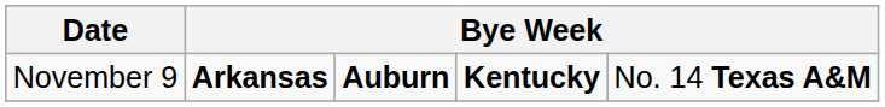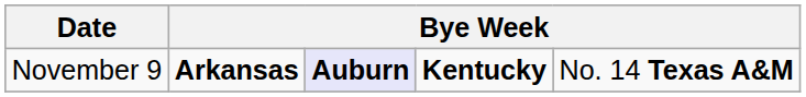 <table class="wikitable" style="font-size:95%;">
 <tr>
 <th>Date</th>
 <th colspan="4">Bye Week</th>
 </tr>
 <tr>
 <td>November 9</td>
 <td><strong>Arkansas</strong></td>
-<td><strong>Auburn</strong></td>
+<td style="background: lavender;"><strong>Auburn</strong></td>
 <td><strong>Kentucky</strong></td>
 <td>No. 14 <strong>Texas A&M</strong></td>
 </tr>
 </table>
